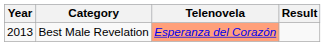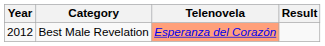 <table class="wikitable">
 <tr style="background:#b0c4de;">
 <th>Year</th>
 <th>Category</th>
 <th>Telenovela</th>
 <th>Result</th>
 </tr>
 <tr>
-<td>2013</td>
+<td>2012</td>
 <td>Best Male Revelation</td>
 <td style="background: lightsalmon;"><em><a href='#'>Esperanza del Corazón</a></em></td>
 <td></td>
 </tr>
 </table>
